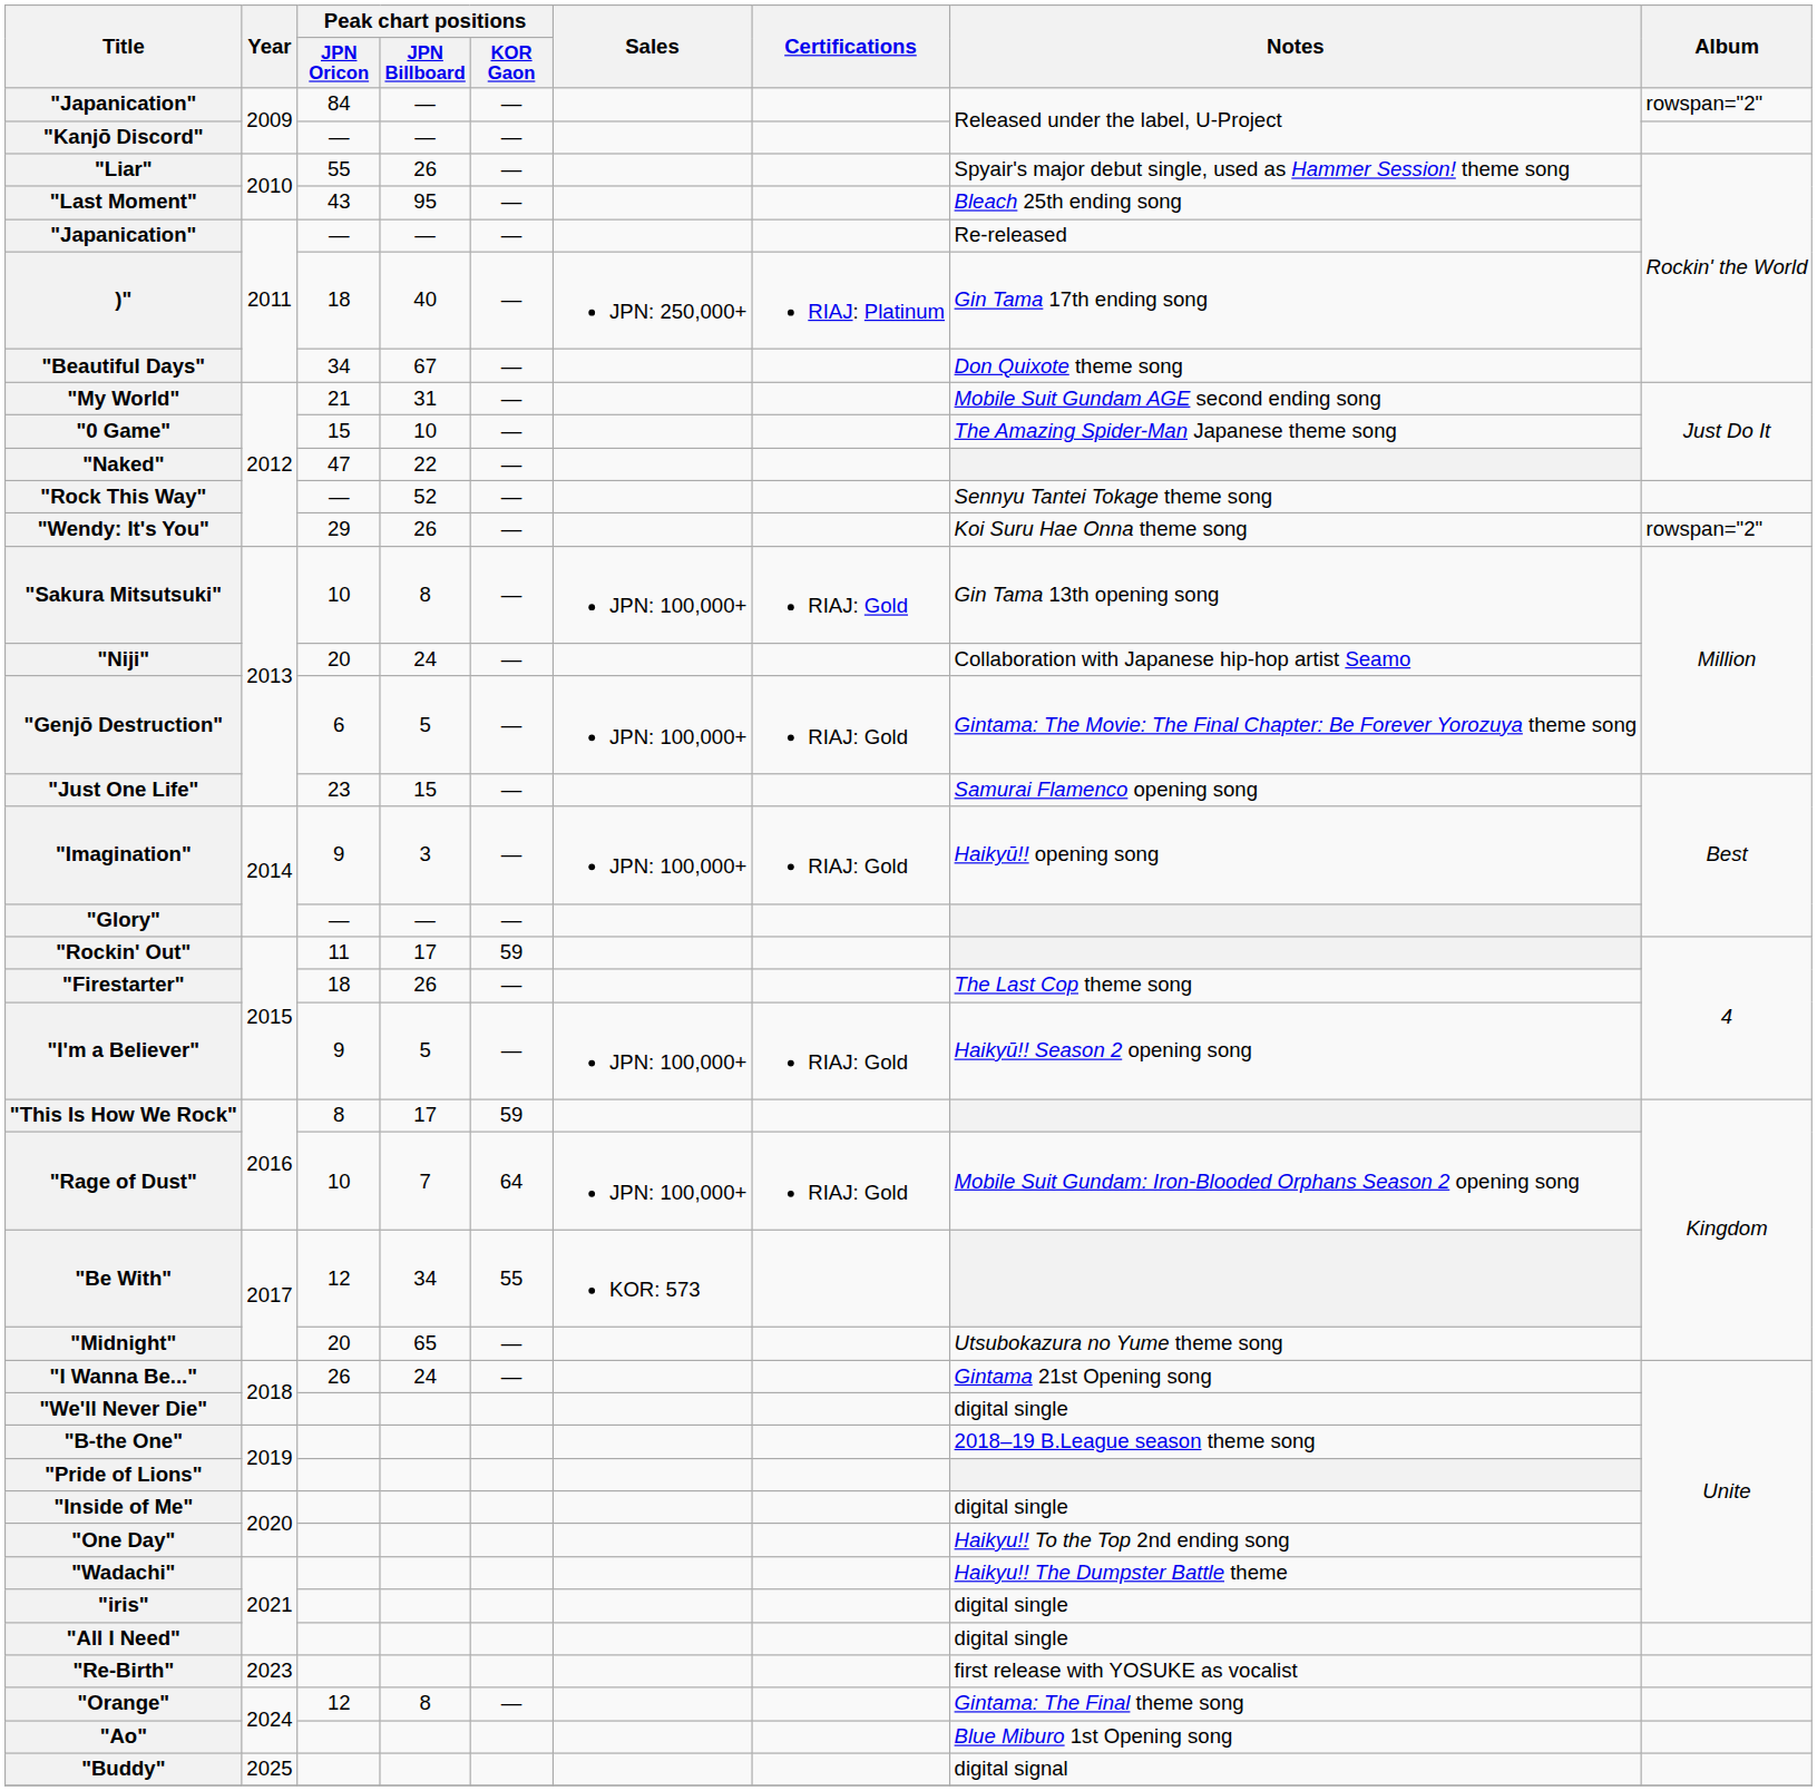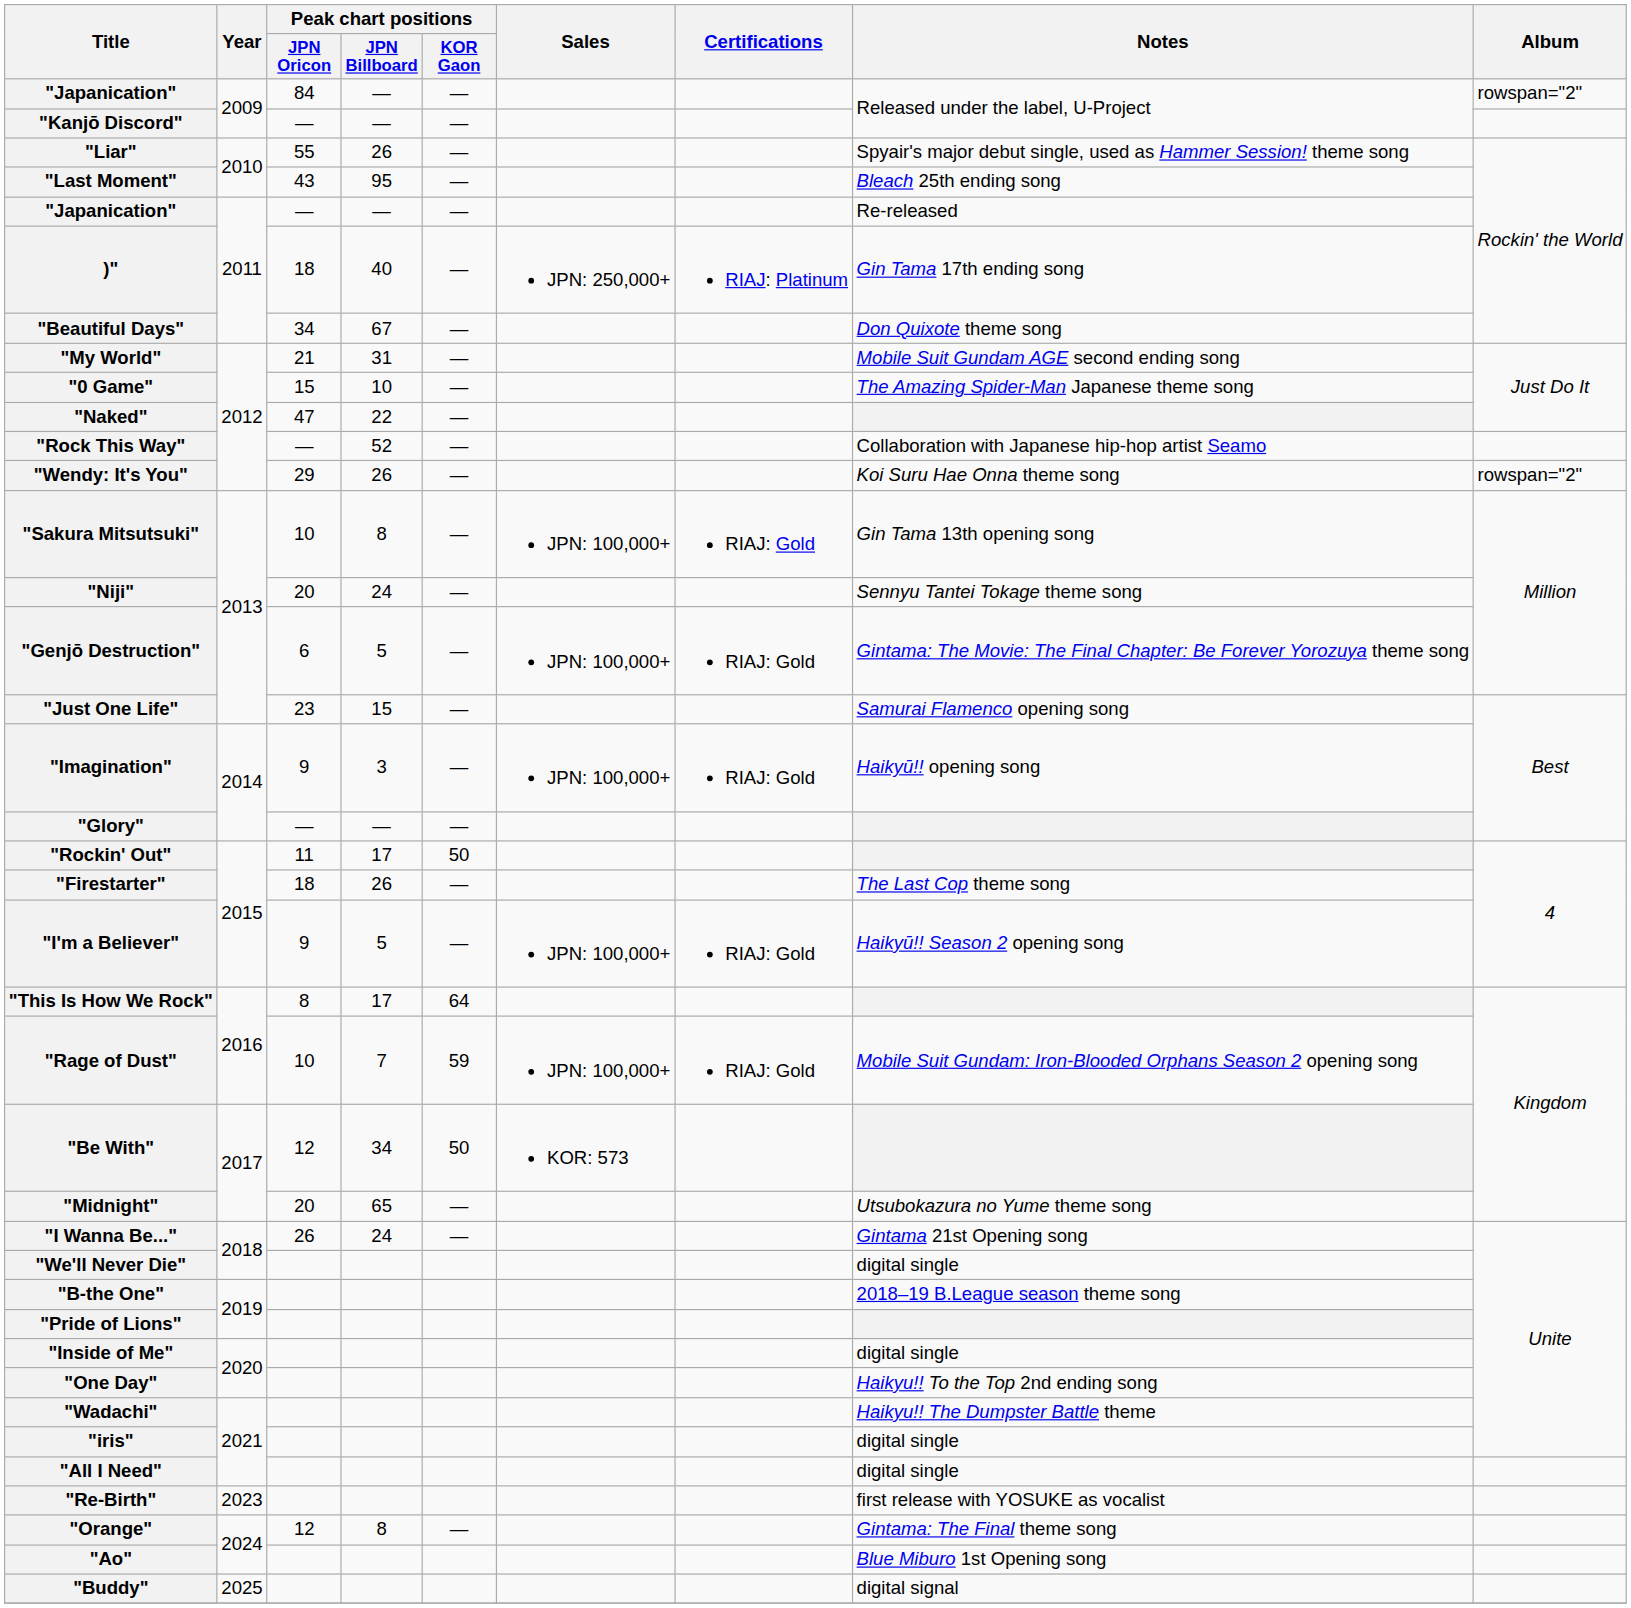 <table class="wikitable plainrowheaders">
 <tr>
 <th scope="col" rowspan="2">Title</th>
 <th scope="col" rowspan="2">Year</th>
 <th scope="col" colspan="3">Peak chart positions</th>
 <th scope="col" rowspan="2">Sales</th>
 <th scope="col" rowspan="2"><a href='#'>Certifications</a></th>
 <th scope="col" rowspan="2">Notes</th>
 <th scope="col" rowspan="2">Album</th>
 </tr>
 <tr>
 <th scope="col" style="width:4em;font-size:90%"><a href='#'>JPN<br>Oricon</a><br></th>
 <th scope="col" style="width:4em;font-size:90%"><a href='#'>JPN<br>Billboard</a><br></th>
 <th scope="col" style="width:4em;font-size:90%"><a href='#'>KOR<br>Gaon</a><br></th>
 </tr>
 <tr>
 <th scope="row">"Japanication"</th>
 <td align="center" rowspan="2">2009</td>
 <td align="center">84</td>
 <td align="center">—</td>
 <td align="center">—</td>
 <td></td>
 <td></td>
 <td rowspan="2">Released under the label, U-Project</td>
 <td>rowspan="2" </td>
 </tr>
 <tr>
 <th scope="row">"Kanjō Discord"</th>
 <td align="center">—</td>
 <td align="center">—</td>
 <td align="center">—</td>
 <td></td>
 <td></td>
 </tr>
 <tr>
 <th scope="row">"Liar"</th>
 <td align="center" rowspan="2">2010</td>
 <td align="center">55</td>
 <td align="center">26</td>
 <td align="center">—</td>
 <td></td>
 <td></td>
 <td>Spyair's major debut single, used as <em><a href='#'>Hammer Session!</a></em> theme song</td>
 <td rowspan="5" align="center"><em>Rockin' the World</em></td>
 </tr>
 <tr>
 <th scope="row">"Last Moment"</th>
 <td align="center">43</td>
 <td align="center">95</td>
 <td align="center">—</td>
 <td></td>
 <td></td>
 <td><em><a href='#'>Bleach</a></em> 25th ending song</td>
 </tr>
 <tr>
 <th scope="row">"Japanication"</th>
 <td align="center" rowspan="3">2011</td>
 <td align="center">—</td>
 <td align="center">—</td>
 <td align="center">—</td>
 <td></td>
 <td></td>
 <td>Re-released</td>
 </tr>
 <tr>
 <th scope="row">)"</th>
 <td align="center">18</td>
 <td align="center">40</td>
 <td align="center">—</td>
 <td><br><ul><li>JPN: 250,000+</li></ul></td>
 <td><br><ul><li><a href='#'>RIAJ</a>: <a href='#'>Platinum</a></li></ul></td>
 <td><em><a href='#'>Gin Tama</a></em> 17th ending song</td>
 </tr>
 <tr>
 <th scope="row">"Beautiful Days"</th>
 <td align="center">34</td>
 <td align="center">67</td>
 <td align="center">—</td>
 <td></td>
 <td></td>
 <td><em><a href='#'>Don Quixote</a></em> theme song</td>
 </tr>
 <tr>
 <th scope="row">"My World"</th>
 <td align="center" rowspan="5">2012</td>
 <td align="center">21</td>
 <td align="center">31</td>
 <td align="center">—</td>
 <td></td>
 <td></td>
 <td><em><a href='#'>Mobile Suit Gundam AGE</a></em> second ending song</td>
 <td rowspan="3" align="center"><em>Just Do It</em></td>
 </tr>
 <tr>
 <th scope="row">"0 Game"</th>
 <td align="center">15</td>
 <td align="center">10</td>
 <td align="center">—</td>
 <td></td>
 <td></td>
 <td><em><a href='#'>The Amazing Spider-Man</a></em> Japanese theme song</td>
 </tr>
 <tr>
 <th scope="row">"Naked"</th>
 <td align="center">47</td>
 <td align="center">22</td>
 <td align="center">—</td>
 <td></td>
 <td></td>
 <th></th>
 </tr>
 <tr>
 <th scope="row">"Rock This Way"</th>
 <td align="center">—</td>
 <td align="center">52</td>
 <td align="center">—</td>
 <td></td>
 <td></td>
-<td><em>Sennyu Tantei Tokage</em> theme song</td>
+<td>Collaboration with Japanese hip-hop artist <a href='#'>Seamo</a></td>
 <td></td>
 </tr>
 <tr>
 <th scope="row">"Wendy: It's You"</th>
 <td align="center">29</td>
 <td align="center">26</td>
 <td align="center">—</td>
 <td></td>
 <td></td>
 <td><em>Koi Suru Hae Onna</em> theme song</td>
 <td>rowspan="2" </td>
 </tr>
 <tr>
 <th scope="row">"Sakura Mitsutsuki"</th>
 <td align="center" rowspan="4">2013</td>
 <td align="center">10</td>
 <td align="center">8</td>
 <td align="center">—</td>
 <td><br><ul><li>JPN: 100,000+</li></ul></td>
 <td><br><ul><li>RIAJ: <a href='#'>Gold</a></li></ul></td>
 <td><em>Gin Tama</em> 13th opening song</td>
 <td rowspan="3" align="center"><em>Million</em></td>
 </tr>
 <tr>
 <th scope="row">"Niji"</th>
 <td align="center">20</td>
 <td align="center">24</td>
 <td align="center">—</td>
 <td></td>
 <td></td>
-<td>Collaboration with Japanese hip-hop artist <a href='#'>Seamo</a></td>
+<td><em>Sennyu Tantei Tokage</em> theme song</td>
 </tr>
 <tr>
 <th scope="row">"Genjō Destruction"</th>
 <td align="center">6</td>
 <td align="center">5</td>
 <td align="center">—</td>
 <td><br><ul><li>JPN: 100,000+</li></ul></td>
 <td><br><ul><li>RIAJ: Gold</li></ul></td>
 <td><em><a href='#'>Gintama: The Movie: The Final Chapter: Be Forever Yorozuya</a></em> theme song</td>
 </tr>
 <tr>
 <th scope="row">"Just One Life"</th>
 <td align="center">23</td>
 <td align="center">15</td>
 <td align="center">—</td>
 <td></td>
 <td></td>
 <td><em><a href='#'>Samurai Flamenco</a></em> opening song</td>
 <td rowspan="3" align="center"><em>Best</em></td>
 </tr>
 <tr>
 <th scope="row">"Imagination"</th>
 <td align="center" rowspan="2">2014</td>
 <td align="center">9</td>
 <td align="center">3</td>
 <td align="center">—</td>
 <td><br><ul><li>JPN: 100,000+</li></ul></td>
 <td><br><ul><li>RIAJ: Gold</li></ul></td>
 <td><em><a href='#'>Haikyū!!</a></em> opening song</td>
 </tr>
 <tr>
 <th scope="row">"Glory"</th>
 <td align="center">—</td>
 <td align="center">—</td>
 <td align="center">—</td>
 <td></td>
 <td></td>
 <th></th>
 </tr>
 <tr>
 <th scope="row">"Rockin' Out"</th>
 <td align="center" rowspan="3">2015</td>
 <td align="center">11</td>
 <td align="center">17</td>
-<td align="center">59</td>
+<td align="center">50</td>
 <td></td>
 <td></td>
 <th></th>
 <td rowspan="3" align="center"><em>4</em></td>
 </tr>
 <tr>
 <th scope="row">"Firestarter"</th>
 <td align="center">18</td>
 <td align="center">26</td>
 <td align="center">—</td>
 <td></td>
 <td></td>
 <td><em><a href='#'>The Last Cop</a></em> theme song</td>
 </tr>
 <tr>
 <th scope="row">"I'm a Believer"</th>
 <td align="center">9</td>
 <td align="center">5</td>
 <td align="center">—</td>
 <td><br><ul><li>JPN: 100,000+</li></ul></td>
 <td><br><ul><li>RIAJ: Gold</li></ul></td>
 <td><em><a href='#'>Haikyū!! Season 2</a></em> opening song</td>
 </tr>
 <tr>
 <th scope="row">"This Is How We Rock"</th>
 <td align="center" rowspan="2">2016</td>
 <td align="center">8</td>
 <td align="center">17</td>
-<td align="center">59</td>
+<td align="center">64</td>
 <td></td>
 <td></td>
 <th></th>
 <td rowspan="4" align="center"><em>Kingdom</em></td>
 </tr>
 <tr>
 <th scope="row">"Rage of Dust"</th>
 <td align="center">10</td>
 <td align="center">7</td>
-<td align="center">64</td>
+<td align="center">59</td>
 <td><br><ul><li>JPN: 100,000+</li></ul></td>
 <td><br><ul><li>RIAJ: Gold</li></ul></td>
 <td><em><a href='#'>Mobile Suit Gundam: Iron-Blooded Orphans Season 2</a></em> opening song</td>
 </tr>
 <tr>
 <th scope="row">"Be With"</th>
 <td align="center" rowspan="2">2017</td>
 <td align="center">12</td>
 <td align="center">34</td>
-<td align="center">55</td>
+<td align="center">50</td>
 <td><br><ul><li>KOR: 573</li></ul></td>
 <td></td>
 <th></th>
 </tr>
 <tr>
 <th scope="row">"Midnight"</th>
 <td align="center">20</td>
 <td align="center">65</td>
 <td align="center">—</td>
 <td></td>
 <td></td>
 <td><em>Utsubokazura no Yume</em> theme song</td>
 </tr>
 <tr>
 <th scope="row">"I Wanna Be..."</th>
 <td align="center" rowspan="2">2018</td>
 <td align="center">26</td>
 <td align="center">24</td>
 <td align="center">—</td>
 <td></td>
 <td></td>
 <td><em><a href='#'>Gintama</a></em> 21st Opening song</td>
 <td rowspan="8" align="center"><em>Unite</em></td>
 </tr>
 <tr>
 <th scope="row">"We'll Never Die"</th>
 <td></td>
 <td></td>
 <td></td>
 <td></td>
 <td></td>
 <td>digital single</td>
 </tr>
 <tr>
 <th scope="row">"B-the One"</th>
 <td align="center" rowspan="2">2019</td>
 <td></td>
 <td></td>
 <td></td>
 <td></td>
 <td></td>
 <td><a href='#'>2018–19 B.League season</a> theme song</td>
 </tr>
 <tr>
 <th scope="row">"Pride of Lions"</th>
 <td></td>
 <td></td>
 <td></td>
 <td></td>
 <td></td>
 <th></th>
 </tr>
 <tr>
 <th scope="row">"Inside of Me"</th>
 <td align="center" rowspan="2">2020</td>
 <td></td>
 <td></td>
 <td></td>
 <td></td>
 <td></td>
 <td>digital single</td>
 </tr>
 <tr>
 <th scope="row">"One Day"</th>
 <td></td>
 <td></td>
 <td></td>
 <td></td>
 <td></td>
 <td><em><a href='#'>Haikyu!!</a> To the Top</em> 2nd ending song</td>
 </tr>
 <tr>
 <th scope="row">"Wadachi"</th>
 <td align="center" rowspan="3">2021</td>
 <td></td>
 <td></td>
 <td></td>
 <td></td>
 <td></td>
 <td><em><a href='#'>Haikyu!! The Dumpster Battle</a></em> theme</td>
 </tr>
 <tr>
 <th scope="row">"iris"</th>
 <td></td>
 <td></td>
 <td></td>
 <td></td>
 <td></td>
 <td>digital single</td>
 </tr>
 <tr>
 <th scope="row">"All I Need"</th>
 <td></td>
 <td></td>
 <td></td>
 <td></td>
 <td></td>
 <td>digital single</td>
 <td></td>
 </tr>
 <tr>
 <th scope="row">"Re-Birth"</th>
 <td align="center" rowspan="1">2023</td>
 <td></td>
 <td></td>
 <td></td>
 <td></td>
 <td></td>
 <td>first release with YOSUKE as vocalist</td>
 <td></td>
 </tr>
 <tr>
 <th scope="row">"Orange"</th>
 <td align="center" rowspan="2">2024</td>
 <td align="center">12</td>
 <td align="center">8</td>
 <td align="center">—</td>
 <td></td>
 <td></td>
 <td><em><a href='#'>Gintama: The Final</a></em> theme song</td>
 <td></td>
 </tr>
 <tr>
 <th scope="row">"Ao"</th>
 <td></td>
 <td></td>
 <td></td>
 <td></td>
 <td></td>
 <td><em><a href='#'>Blue Miburo</a></em> 1st Opening song</td>
 <td></td>
 </tr>
 <tr>
 <th scope="row">"Buddy"</th>
 <td align="center" rowspan="1">2025</td>
 <td></td>
 <td></td>
 <td></td>
 <td></td>
 <td></td>
 <td>digital signal</td>
 <td></td>
 </tr>
 <tr>
 </tr>
 </table>
